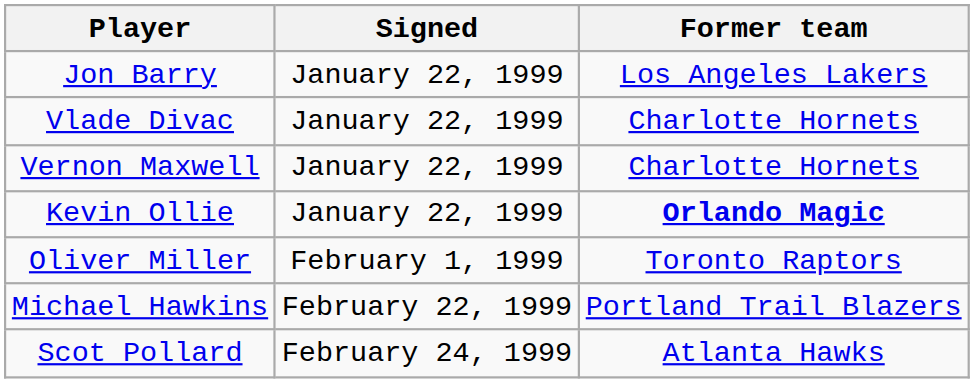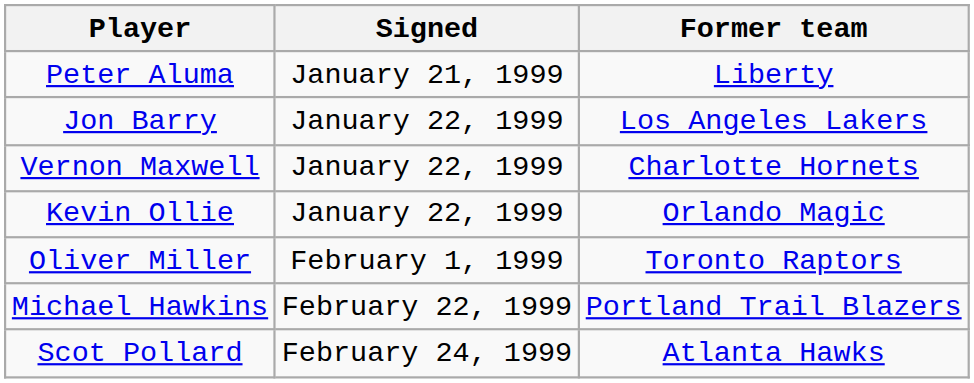 <table class="wikitable sortable sortable" style="text-align: center">
 <tr>
 <th>Player</th>
 <th>Signed</th>
 <th>Former team</th>
 </tr>
 <tr>
+<td><a href='#'>Peter Aluma</a></td>
+<td>January 21, 1999</td>
+<td><a href='#'>Liberty</a></td>
+</tr>
+<tr>
 <td><a href='#'>Jon Barry</a></td>
 <td>January 22, 1999</td>
 <td><a href='#'>Los Angeles Lakers</a></td>
-</tr>
-<tr>
-<td><a href='#'>Vlade Divac</a></td>
-<td>January 22, 1999</td>
-<td><a href='#'>Charlotte Hornets</a></td>
 </tr>
 <tr>
 <td><a href='#'>Vernon Maxwell</a></td>
 <td>January 22, 1999</td>
 <td><a href='#'>Charlotte Hornets</a></td>
 </tr>
 <tr>
 <td><a href='#'>Kevin Ollie</a></td>
 <td>January 22, 1999</td>
-<td><strong><a href='#'>Orlando Magic</a></strong></td>
+<td><a href='#'>Orlando Magic</a></td>
 </tr>
 <tr>
 <td><a href='#'>Oliver Miller</a></td>
 <td>February 1, 1999</td>
 <td><a href='#'>Toronto Raptors</a></td>
 </tr>
 <tr>
 <td><a href='#'>Michael Hawkins</a></td>
 <td>February 22, 1999</td>
 <td><a href='#'>Portland Trail Blazers</a></td>
 </tr>
 <tr>
 <td><a href='#'>Scot Pollard</a></td>
 <td>February 24, 1999</td>
 <td><a href='#'>Atlanta Hawks</a></td>
 </tr>
 </table>
